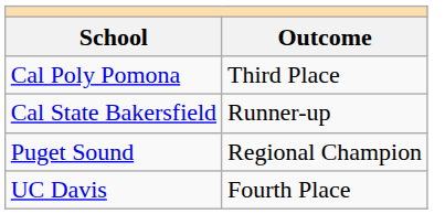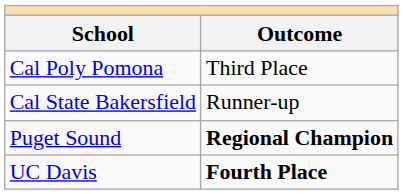 <table class="wikitable" style="float:left; margin-right:1em;">
 <tr>
 <th colspan="3" style="background:#ffdead;"></th>
 </tr>
 <tr>
 <th>School</th>
 <th>Outcome</th>
 </tr>
 <tr>
 <td><a href='#'>Cal Poly Pomona</a></td>
 <td>Third Place</td>
 </tr>
 <tr>
 <td><a href='#'>Cal State Bakersfield</a></td>
 <td>Runner-up</td>
 </tr>
 <tr>
 <td><a href='#'>Puget Sound</a></td>
-<td>Regional Champion</td>
+<td><strong>Regional Champion</strong></td>
 </tr>
 <tr>
 <td><a href='#'>UC Davis</a></td>
-<td>Fourth Place</td>
+<td><strong>Fourth Place</strong></td>
 </tr>
 </table>
